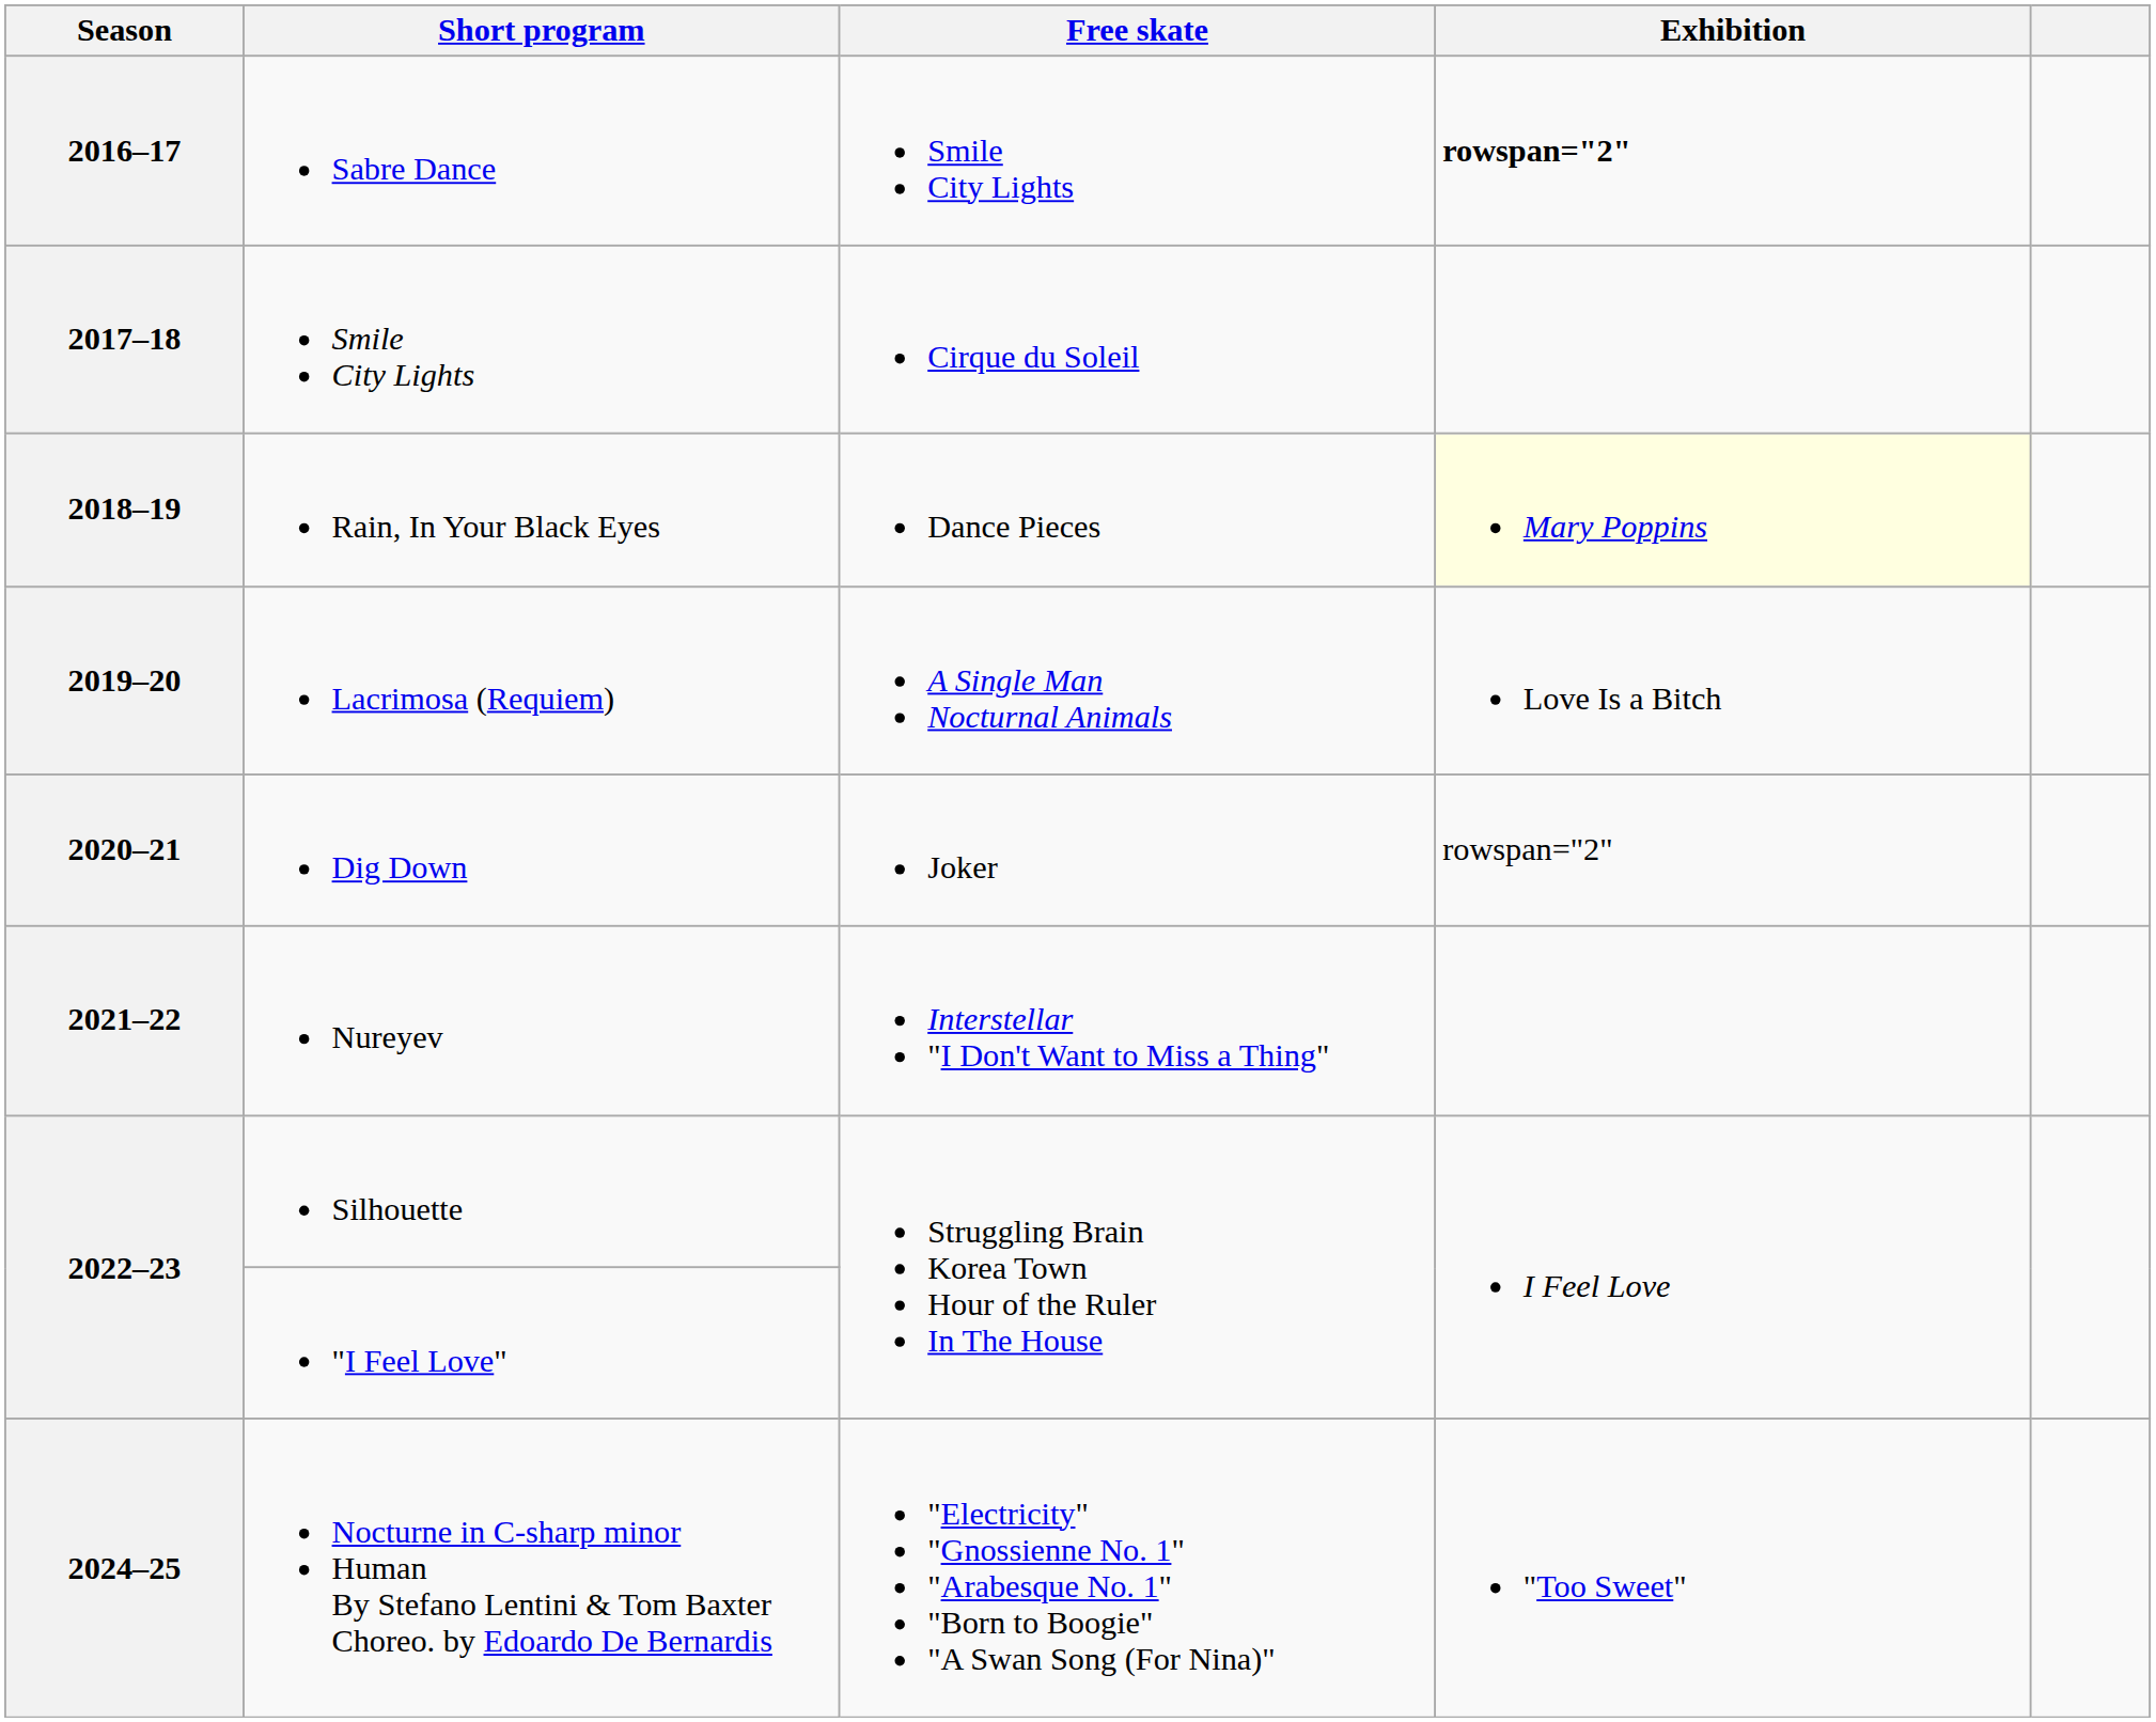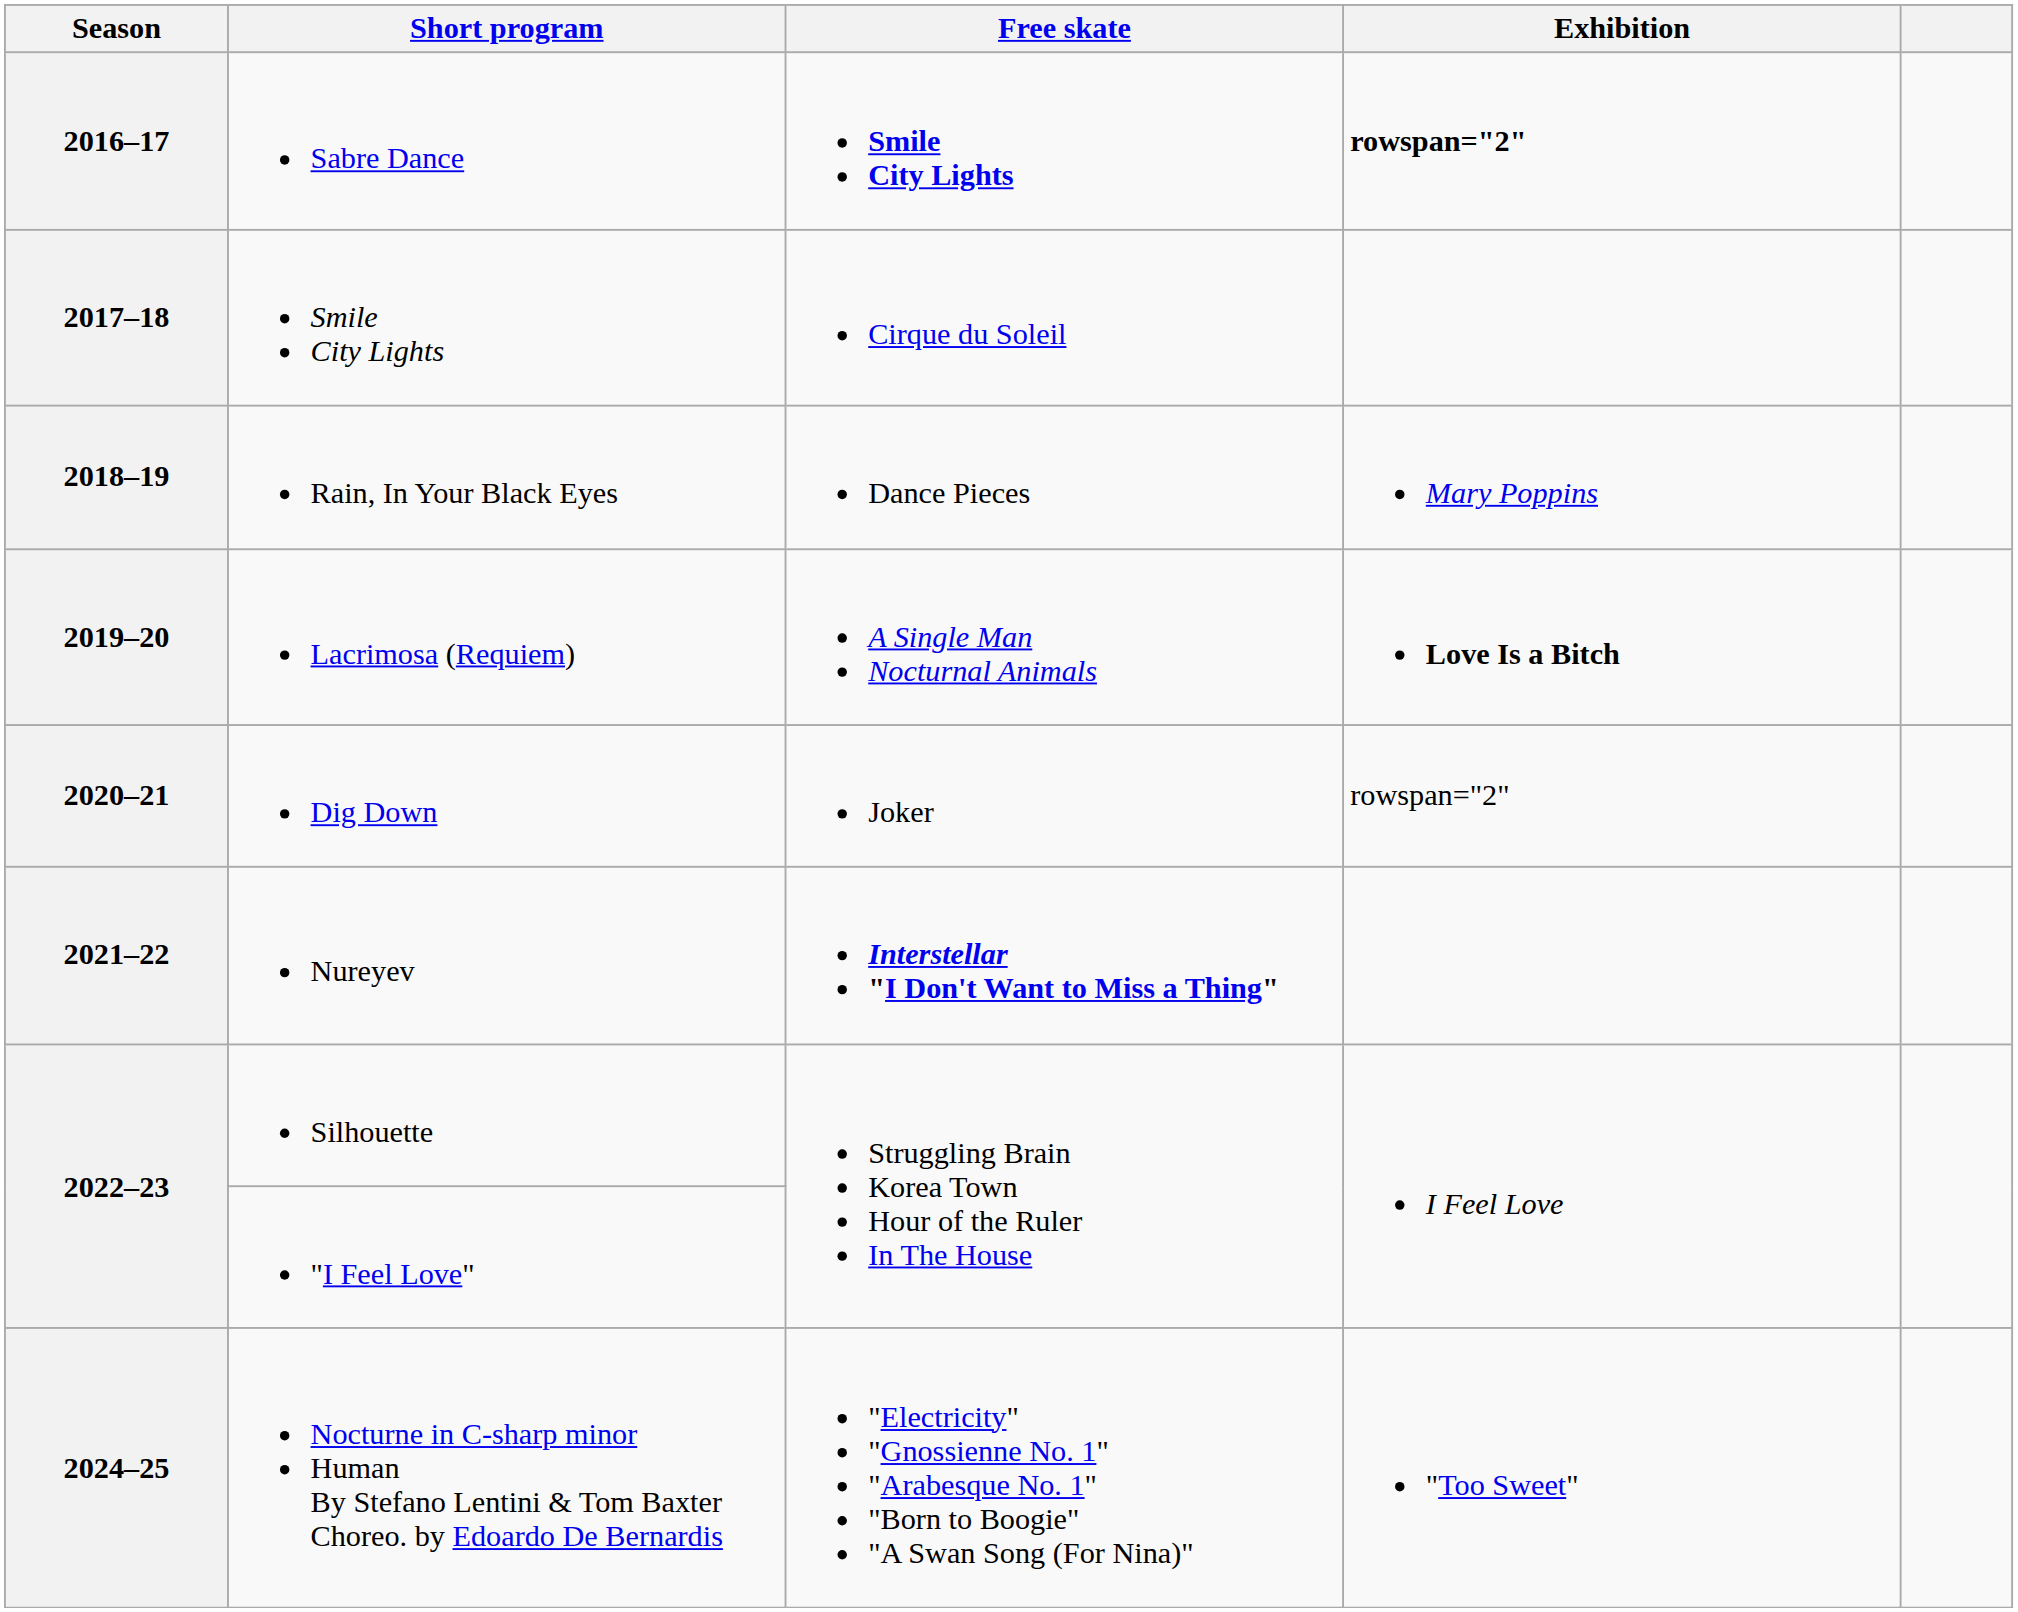 <table class="wikitable unsortable" style="text-align:left">
 <tr>
 <th scope="col" style="text-align:center; width:10%">Season</th>
 <th scope="col" style="text-align:center; width:25%"><a href='#'>Short program</a></th>
 <th scope="col" style="text-align:center; width:25%"><a href='#'>Free skate</a></th>
 <th scope="col" style="text-align:center; width:25%">Exhibition</th>
 <th scope="col" style="text-align:center; width:5%"></th>
 </tr>
 <tr>
 <th scope="row">2016–17</th>
 <td><br><ul><li><a href='#'>Sabre Dance</a> <br></li></ul></td>
-<td><br><ul><li><a href='#'>Smile</a><br></li><li><a href='#'>City Lights</a><br></li></ul></td>
+<td><strong><br><ul><li><a href='#'>Smile</a><br></li><li><a href='#'>City Lights</a><br></li></ul></strong></td>
 <td><strong>rowspan="2" </strong></td>
 <td></td>
 </tr>
 <tr>
 <th scope="row">2017–18</th>
 <td><br><ul><li><em>Smile</em></li><li><em>City Lights</em></li></ul></td>
 <td><br><ul><li><a href='#'>Cirque du Soleil</a><br></li></ul></td>
 <td></td>
 </tr>
 <tr>
 <th scope="row">2018–19</th>
 <td><br><ul><li>Rain, In Your Black Eyes<br></li></ul></td>
 <td><br><ul><li>Dance Pieces<br></li></ul></td>
-<td style="background: lightyellow;"><br><ul><li><em><a href='#'>Mary Poppins</a></em><br></li></ul></td>
+<td><br><ul><li><em><a href='#'>Mary Poppins</a></em><br></li></ul></td>
 <td></td>
 </tr>
 <tr>
 <th scope="row">2019–20</th>
 <td><br><ul><li><a href='#'>Lacrimosa</a> (<a href='#'>Requiem</a>)<br></li></ul></td>
 <td><br><ul><li><em><a href='#'>A Single Man</a></em><br></li><li><em><a href='#'>Nocturnal Animals</a></em><br></li></ul></td>
-<td><br><ul><li>Love Is a Bitch <br></li></ul></td>
+<td><strong><br><ul><li>Love Is a Bitch <br></li></ul></strong></td>
 <td></td>
 </tr>
 <tr>
 <th scope="row">2020–21</th>
 <td><br><ul><li><a href='#'>Dig Down</a><br></li></ul></td>
 <td><br><ul><li>Joker<br></li></ul></td>
 <td>rowspan="2" </td>
 <td></td>
 </tr>
 <tr>
 <th scope="row">2021–22</th>
 <td><br><ul><li>Nureyev<br></li></ul></td>
-<td><br><ul><li><em><a href='#'>Interstellar</a></em><br></li><li>"<a href='#'>I Don't Want to Miss a Thing</a>"<br></li></ul></td>
+<td><strong><br><ul><li><em><a href='#'>Interstellar</a></em><br></li><li>"<a href='#'>I Don't Want to Miss a Thing</a>"<br></li></ul></strong></td>
 <td></td>
 </tr>
 <tr>
 <th rowspan="2" scope="row">2022–23</th>
 <td><br><ul><li>Silhouette<br></li></ul></td>
 <td rowspan="2"><br><ul><li>Struggling Brain<br></li><li>Korea Town<br></li><li>Hour of the Ruler<br></li><li><a href='#'>In The House</a><br></li></ul></td>
 <td rowspan="2"><br><ul><li><em>I Feel Love</em></li></ul></td>
 <td rowspan="2"></td>
 </tr>
 <tr>
 <td><br><ul><li>"<a href='#'>I Feel Love</a>"<br></li></ul></td>
 </tr>
 <tr>
 <th scope="row">2024–25</th>
 <td><br><ul><li><a href='#'>Nocturne in C-sharp minor</a><br></li><li>Human<br>By Stefano Lentini & Tom Baxter <br>Choreo. by <a href='#'>Edoardo De Bernardis </a></li></ul></td>
 <td><br><ul><li>"<a href='#'>Electricity</a>"<br></li><li>"<a href='#'>Gnossienne No. 1</a>"<br></li><li>"<a href='#'>Arabesque No. 1</a>"<br></li><li>"Born to Boogie"<br></li><li>"A Swan Song (For Nina)"<br></li></ul></td>
 <td><br><ul><li>"<a href='#'>Too Sweet</a>"<br></li></ul></td>
 <td></td>
 </tr>
 </table>
